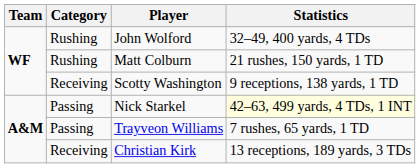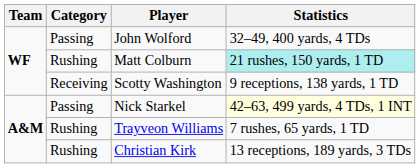 <table class="wikitable">
 <tr>
 <th>Team</th>
 <th>Category</th>
 <th>Player</th>
 <th>Statistics</th>
 </tr>
 <tr>
 <td rowspan=3><strong>WF</strong></td>
-<td>Rushing</td>
+<td>Passing</td>
 <td>John Wolford</td>
 <td>32–49, 400 yards, 4 TDs</td>
 </tr>
 <tr>
 <td>Rushing</td>
 <td>Matt Colburn</td>
-<td>21 rushes, 150 yards, 1 TD</td>
+<td style="background: paleturquoise;">21 rushes, 150 yards, 1 TD</td>
 </tr>
 <tr>
 <td>Receiving</td>
 <td>Scotty Washington</td>
 <td>9 receptions, 138 yards, 1 TD</td>
 </tr>
 <tr>
 <td rowspan=3><strong>A&M</strong></td>
 <td>Passing</td>
 <td>Nick Starkel</td>
 <td style="background: lightyellow;">42–63, 499 yards, 4 TDs, 1 INT</td>
 </tr>
 <tr>
-<td>Passing</td>
+<td>Rushing</td>
 <td><a href='#'>Trayveon Williams</a></td>
 <td>7 rushes, 65 yards, 1 TD</td>
 </tr>
 <tr>
-<td>Receiving</td>
+<td>Rushing</td>
 <td><a href='#'>Christian Kirk</a></td>
 <td>13 receptions, 189 yards, 3 TDs</td>
 </tr>
 </table>
